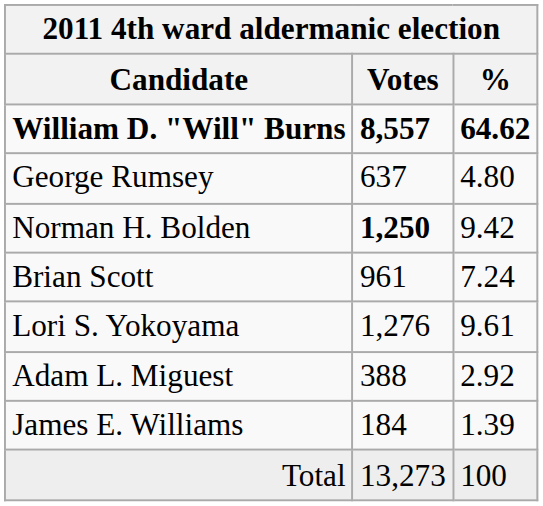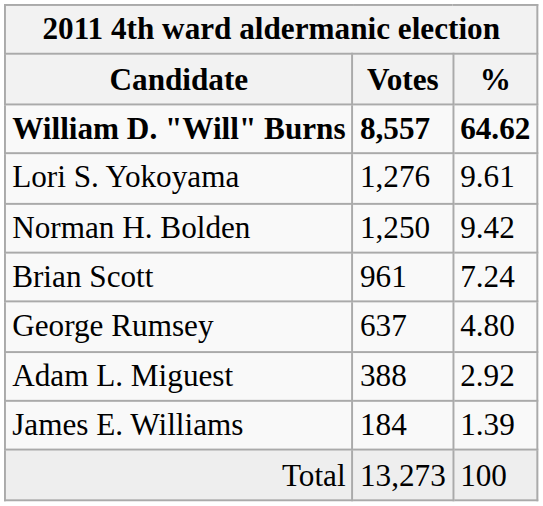 <table class="wikitable">
 <tr>
 <th colspan=3>2011 4th ward aldermanic election</th>
 </tr>
 <tr>
 <th>Candidate</th>
 <th>Votes</th>
 <th>%</th>
 </tr>
 <tr>
 <td><strong>William D. "Will" Burns</strong></td>
 <td><strong>8,557</strong></td>
 <td><strong>64.62</strong></td>
 </tr>
 <tr>
-<td>George Rumsey</td>
-<td>637</td>
-<td>4.80</td>
+<td>Lori S. Yokoyama</td>
+<td>1,276</td>
+<td>9.61</td>
 </tr>
 <tr>
 <td>Norman H. Bolden</td>
-<td><strong>1,250</strong></td>
+<td>1,250</td>
 <td>9.42</td>
 </tr>
 <tr>
 <td>Brian Scott</td>
 <td>961</td>
 <td>7.24</td>
 </tr>
 <tr>
-<td>Lori S. Yokoyama</td>
-<td>1,276</td>
-<td>9.61</td>
+<td>George Rumsey</td>
+<td>637</td>
+<td>4.80</td>
 </tr>
 <tr>
 <td>Adam L. Miguest</td>
 <td>388</td>
 <td>2.92</td>
 </tr>
 <tr>
 <td>James E. Williams</td>
 <td>184</td>
 <td>1.39</td>
 </tr>
 <tr style="background:#eee; text-align:right;">
 <td>Total</td>
 <td style="background:#eee; text-align:left">13,273</td>
 <td style="background:#eee; text-align:left">100</td>
 </tr>
 </table>
